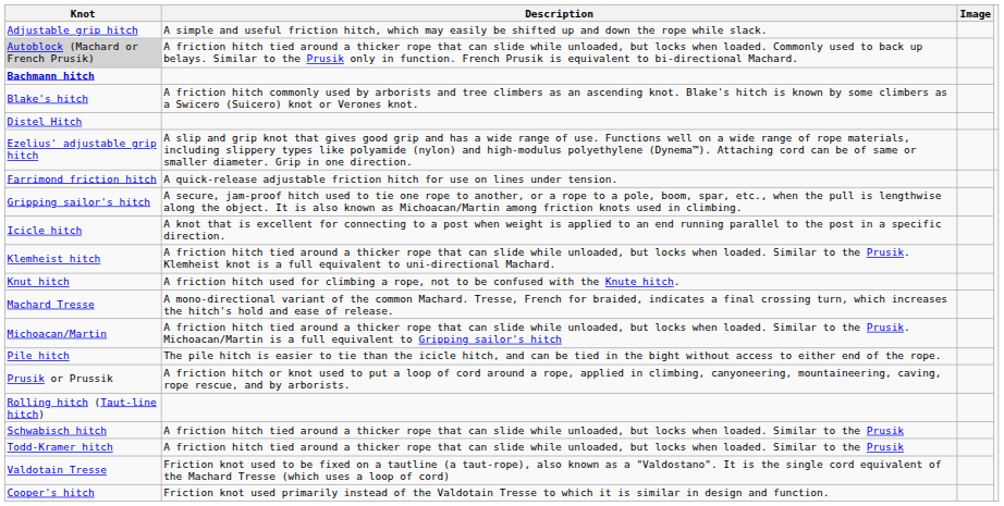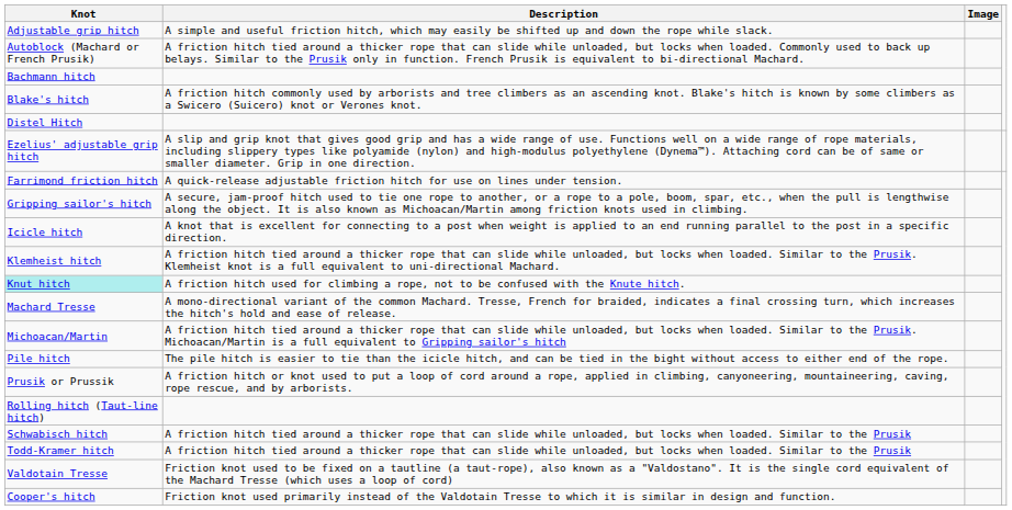 <table class="wikitable">
 <tr>
 <th>Knot</th>
 <th>Description</th>
 <th>Image</th>
 </tr>
 <tr>
 <td><a href='#'>Adjustable grip hitch</a></td>
 <td>A simple and useful friction hitch, which may easily be shifted up and down the rope while slack.</td>
 <td></td>
 </tr>
 <tr>
-<td style="background: lightgrey;"><a href='#'>Autoblock</a> (Machard or French Prusik)</td>
+<td><a href='#'>Autoblock</a> (Machard or French Prusik)</td>
 <td>A friction hitch tied around a thicker rope that can slide while unloaded, but locks when loaded. Commonly used to back up belays. Similar to the <a href='#'>Prusik</a> only in function. French Prusik is equivalent to bi-directional Machard.</td>
 <td></td>
 </tr>
 <tr>
-<td><strong><a href='#'>Bachmann hitch</a></strong></td>
+<td><a href='#'>Bachmann hitch</a></td>
 <td></td>
 <td></td>
 </tr>
 <tr>
 <td><a href='#'>Blake's hitch</a></td>
 <td>A friction hitch commonly used by arborists and tree climbers as an ascending knot. Blake's hitch is known by some climbers as a Swicero (Suicero) knot or Verones knot.</td>
 <td></td>
 </tr>
 <tr>
 <td><a href='#'>Distel Hitch</a></td>
 <td></td>
 <td></td>
 </tr>
 <tr>
 <td><a href='#'>Ezelius' adjustable grip hitch</a></td>
 <td>A slip and grip knot that gives good grip and has a wide range of use. Functions well on a wide range of rope materials, including slippery types like polyamide (nylon) and high-modulus polyethylene (Dynema™). Attaching cord can be of same or smaller diameter. Grip in one direction.</td>
 <td></td>
 <td></td>
 </tr>
 <tr>
 <td><a href='#'>Farrimond friction hitch</a></td>
 <td>A quick-release adjustable friction hitch for use on lines under tension.</td>
 <td></td>
 </tr>
 <tr>
 <td><a href='#'>Gripping sailor's hitch</a></td>
 <td>A secure, jam-proof hitch used to tie one rope to another, or a rope to a pole, boom, spar, etc., when the pull is lengthwise along the object. It is also known as Michoacan/Martin among friction knots used in climbing.</td>
 <td></td>
 </tr>
 <tr>
 <td><a href='#'>Icicle hitch</a></td>
 <td>A knot that is excellent for connecting to a post when weight is applied to an end running parallel to the post in a specific direction.</td>
 <td></td>
 </tr>
 <tr>
 <td><a href='#'>Klemheist hitch</a></td>
 <td>A friction hitch tied around a thicker rope that can slide while unloaded, but locks when loaded. Similar to the <a href='#'>Prusik</a>. Klemheist knot is a full equivalent to uni-directional Machard.</td>
 <td></td>
 </tr>
 <tr>
-<td><a href='#'>Knut hitch</a></td>
+<td style="background: paleturquoise;"><a href='#'>Knut hitch</a></td>
 <td>A friction hitch used for climbing a rope, not to be confused with the <a href='#'>Knute hitch</a>.</td>
 <td></td>
 </tr>
 <tr>
 <td><a href='#'>Machard Tresse</a></td>
 <td>A mono-directional variant of the common Machard. Tresse, French for braided, indicates a final crossing turn, which increases the hitch's hold and ease of release.</td>
 <td></td>
 </tr>
 <tr>
 <td><a href='#'>Michoacan/Martin</a></td>
 <td>A friction hitch tied around a thicker rope that can slide while unloaded, but locks when loaded. Similar to the <a href='#'>Prusik</a>. Michoacan/Martin is a full equivalent to <a href='#'>Gripping sailor's hitch</a></td>
 <td></td>
 </tr>
 <tr>
 <td><a href='#'>Pile hitch</a></td>
 <td>The pile hitch is easier to tie than the icicle hitch, and can be tied in the bight without access to either end of the rope.</td>
 <td></td>
 </tr>
 <tr>
 <td><a href='#'>Prusik</a> or Prussik</td>
 <td>A friction hitch or knot used to put a loop of cord around a rope, applied in climbing, canyoneering, mountaineering, caving, rope rescue, and by arborists.</td>
 <td></td>
 </tr>
 <tr>
 <td><a href='#'>Rolling hitch</a> (<a href='#'>Taut-line hitch</a>)</td>
 <td></td>
 <td></td>
 </tr>
 <tr>
 <td><a href='#'>Schwabisch hitch</a></td>
 <td>A friction hitch tied around a thicker rope that can slide while unloaded, but locks when loaded. Similar to the <a href='#'>Prusik</a></td>
 <td></td>
 </tr>
 <tr>
 <td><a href='#'>Todd-Kramer hitch</a></td>
 <td>A friction hitch tied around a thicker rope that can slide while unloaded, but locks when loaded. Similar to the <a href='#'>Prusik</a></td>
 <td></td>
 </tr>
 <tr>
 <td><a href='#'>Valdotain Tresse</a></td>
 <td>Friction knot used to be fixed on a tautline (a taut-rope), also known as a "Valdostano". It is the single cord equivalent of the Machard Tresse (which uses a loop of cord)</td>
 <td></td>
 </tr>
 <tr>
 <td><a href='#'>Cooper's hitch</a></td>
 <td>Friction knot used primarily instead of the Valdotain Tresse to which it is similar in design and function.</td>
 <td></td>
 </tr>
 </table>
